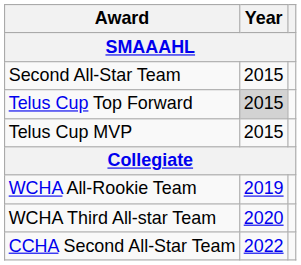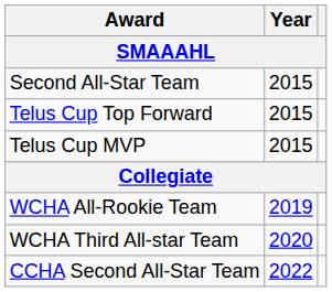 <table class="wikitable">
 <tr>
 <th>Award</th>
 <th>Year</th>
 <th></th>
 </tr>
 <tr>
 <th colspan="3"><a href='#'>SMAAAHL</a></th>
 </tr>
 <tr>
 <td>Second All-Star Team</td>
 <td>2015</td>
 <td></td>
 </tr>
 <tr>
 <td><a href='#'>Telus Cup</a> Top Forward</td>
-<td style="background: lightgrey;">2015</td>
+<td>2015</td>
 <td></td>
 </tr>
 <tr>
 <td>Telus Cup MVP</td>
 <td>2015</td>
 <td></td>
 </tr>
 <tr>
 <th colspan="3"><a href='#'>Collegiate</a></th>
 </tr>
 <tr>
 <td><a href='#'>WCHA</a> All-Rookie Team</td>
 <td><a href='#'>2019</a></td>
 <td></td>
 </tr>
 <tr>
 <td>WCHA Third All-star Team</td>
 <td><a href='#'>2020</a></td>
 <td></td>
 </tr>
 <tr>
 <td><a href='#'>CCHA</a> Second All-Star Team</td>
 <td><a href='#'>2022</a></td>
 <td></td>
 </tr>
 </table>
